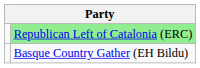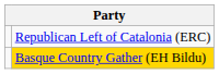 <table class="wikitable" style="text-align:left;">
 <tr>
 <th colspan="3">Party</th>
 </tr>
 <tr>
 <td width="1"></td>
-<td style="background: lightgreen;"><a href='#'>Republican Left of Catalonia</a> (ERC)</td>
+<td><a href='#'>Republican Left of Catalonia</a> (ERC)</td>
 </tr>
 <tr>
 <td></td>
-<td><a href='#'>Basque Country Gather</a> (EH Bildu)</td>
+<td style="background: gold;"><a href='#'>Basque Country Gather</a> (EH Bildu)</td>
 </tr>
 </table>
